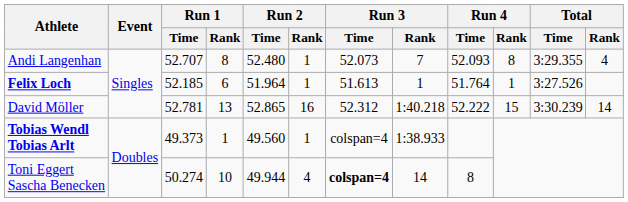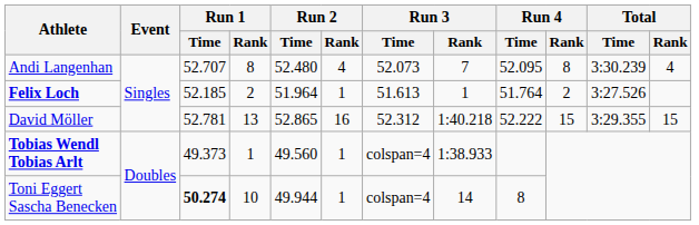 <table class="wikitable" style="font-size:90%">
 <tr>
 <th rowspan="2">Athlete</th>
 <th rowspan="2">Event</th>
 <th colspan="2">Run 1</th>
 <th colspan="2">Run 2</th>
 <th colspan="2">Run 3</th>
 <th colspan="2">Run 4</th>
 <th colspan="2">Total</th>
 </tr>
 <tr style="font-size:95%">
 <th>Time</th>
 <th>Rank</th>
 <th>Time</th>
 <th>Rank</th>
 <th>Time</th>
 <th>Rank</th>
 <th>Time</th>
 <th>Rank</th>
 <th>Time</th>
 <th>Rank</th>
 </tr>
 <tr align=center>
 <td align=left><a href='#'>Andi Langenhan</a></td>
 <td align=left rowspan=3><a href='#'>Singles</a></td>
 <td>52.707</td>
 <td>8</td>
 <td>52.480</td>
-<td>1</td>
+<td>4</td>
 <td>52.073</td>
 <td>7</td>
-<td>52.093</td>
+<td>52.095</td>
 <td>8</td>
-<td>3:29.355</td>
+<td>3:30.239</td>
 <td>4</td>
 </tr>
 <tr align=center>
 <td align=left><strong><a href='#'>Felix Loch</a></strong></td>
 <td>52.185</td>
-<td>6</td>
+<td>2</td>
 <td>51.964</td>
 <td>1</td>
 <td>51.613</td>
 <td>1</td>
 <td>51.764</td>
-<td>1</td>
+<td>2</td>
 <td>3:27.526</td>
 <td></td>
 </tr>
 <tr align=center>
 <td align=left><a href='#'>David Möller</a></td>
 <td>52.781</td>
 <td>13</td>
 <td>52.865</td>
 <td>16</td>
 <td>52.312</td>
 <td>1:40.218</td>
 <td>52.222</td>
 <td>15</td>
-<td>3:30.239</td>
-<td>14</td>
+<td>3:29.355</td>
+<td>15</td>
 </tr>
 <tr align=center>
 <td align=left><strong><a href='#'>Tobias Wendl</a></strong><br><strong><a href='#'>Tobias Arlt</a></strong></td>
 <td align=left rowspan=2><a href='#'>Doubles</a></td>
 <td>49.373</td>
 <td>1</td>
 <td>49.560</td>
 <td>1</td>
 <td>colspan=4 </td>
 <td>1:38.933</td>
 <td></td>
 </tr>
 <tr align=center>
 <td align=left><a href='#'>Toni Eggert</a><br><a href='#'>Sascha Benecken</a></td>
-<td>50.274</td>
+<td><strong>50.274</strong></td>
 <td>10</td>
 <td>49.944</td>
-<td>4</td>
-<td><strong>colspan=4 </strong></td>
+<td>1</td>
+<td>colspan=4 </td>
 <td>14</td>
 <td>8</td>
 </tr>
 </table>
